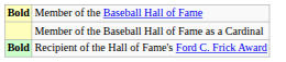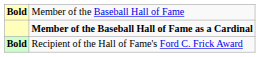 <table class="wikitable">
 <tr>
 <th scope="row" style="background:#ffb;"><strong>Bold</strong></th>
 <td>Member of the <a href='#'>Baseball Hall of Fame</a></td>
 </tr>
 <tr>
 <th scope="row" style="background:#ffb;"></th>
-<td>Member of the Baseball Hall of Fame as a Cardinal</td>
+<td><strong>Member of the Baseball Hall of Fame as a Cardinal</strong></td>
 </tr>
 <tr>
 <th scope="row" style="background:#cfc;"><strong>Bold</strong></th>
 <td>Recipient of the Hall of Fame's <a href='#'>Ford C. Frick Award</a></td>
 </tr>
 </table>
